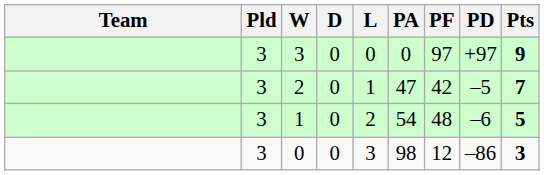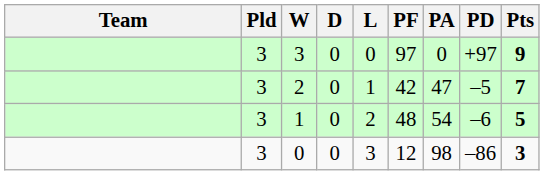 <table class="wikitable" style="text-align:center;">
 <tr>
 <th width=175>Team</th>
 <th width=20 abbr="Played">Pld</th>
 <th width=20 abbr="Won">W</th>
 <th width=20 abbr="Drawn">D</th>
 <th width=20 abbr="Lost">L</th>
+<th width=20 abbr="Points for">PF</th>
 <th width=20 abbr="Points against">PA</th>
-<th width=20 abbr="Points for">PF</th>
 <th width=25 abbr="Points difference">PD</th>
 <th width=20 abbr="Points">Pts</th>
 </tr>
 <tr style="background:#ccffcc">
 <td align=left></td>
 <td>3</td>
 <td>3</td>
 <td>0</td>
 <td>0</td>
+<td>97</td>
 <td>0</td>
-<td>97</td>
 <td>+97</td>
 <td><strong>9</strong></td>
 </tr>
 <tr style="background:#ccffcc">
 <td align=left></td>
 <td>3</td>
 <td>2</td>
 <td>0</td>
 <td>1</td>
+<td>42</td>
 <td>47</td>
-<td>42</td>
 <td>–5</td>
 <td><strong>7</strong></td>
 </tr>
 <tr style="background:#ccffcc">
 <td align=left></td>
 <td>3</td>
 <td>1</td>
 <td>0</td>
 <td>2</td>
+<td>48</td>
 <td>54</td>
-<td>48</td>
 <td>–6</td>
 <td><strong>5</strong></td>
 </tr>
 <tr>
 <td align=left></td>
 <td>3</td>
 <td>0</td>
 <td>0</td>
 <td>3</td>
+<td>12</td>
 <td>98</td>
-<td>12</td>
 <td>–86</td>
 <td><strong>3</strong></td>
 </tr>
 </table>
